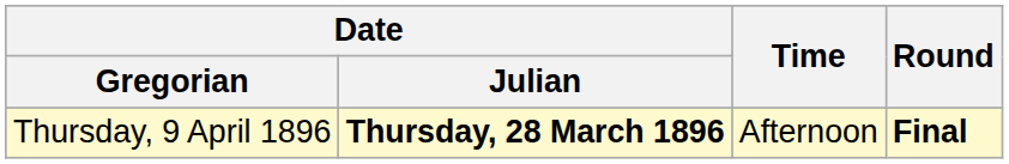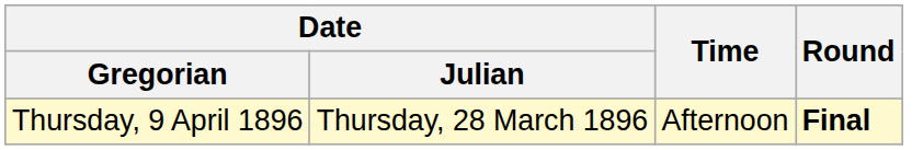 <table class="wikitable">
 <tr>
 <th colspan=2>Date</th>
 <th rowspan=2>Time</th>
 <th rowspan=2>Round</th>
 </tr>
 <tr>
 <th>Gregorian</th>
 <th>Julian</th>
 </tr>
 <tr style=background:lemonchiffon>
 <td>Thursday, 9 April 1896</td>
-<td><strong>Thursday, 28 March 1896</strong></td>
+<td>Thursday, 28 March 1896</td>
 <td>Afternoon</td>
 <td><strong>Final</strong></td>
 </tr>
 </table>
